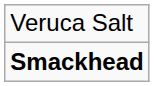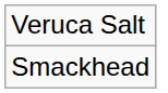 <table class="wikitable">
 <tr>
 <td>Veruca Salt</td>
 </tr>
 <tr>
-<td><strong>Smackhead</strong></td>
+<td>Smackhead</td>
 </tr>
 </table>
